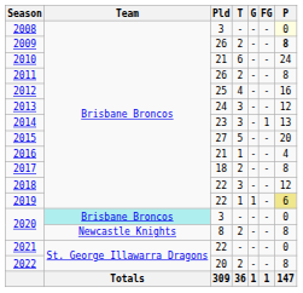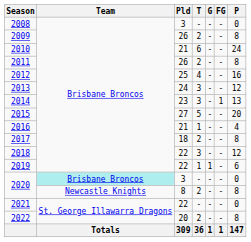 <table class="wikitable" style="border-collapse:collapse;text-align:center">
 <tr>
 <th>Season</th>
 <th>Team</th>
 <th>Pld</th>
 <th>T</th>
 <th>G</th>
 <th>FG</th>
 <th>P</th>
 </tr>
 <tr>
 <td><a href='#'>2008</a></td>
 <td rowspan="12"> <a href='#'>Brisbane Broncos</a></td>
 <td>3</td>
 <td>-</td>
 <td>-</td>
 <td>-</td>
-<td style="background: lightyellow;">0</td>
+<td>0</td>
 </tr>
 <tr>
 <td><a href='#'>2009</a></td>
 <td>26</td>
 <td>2</td>
 <td>-</td>
 <td>-</td>
-<td><strong>8</strong></td>
+<td>8</td>
 </tr>
 <tr>
 <td><a href='#'>2010</a></td>
 <td>21</td>
 <td>6</td>
 <td>-</td>
 <td>-</td>
 <td>24</td>
 </tr>
 <tr>
 <td><a href='#'>2011</a></td>
 <td>26</td>
 <td>2</td>
 <td>-</td>
 <td>-</td>
 <td>8</td>
 </tr>
 <tr>
 <td><a href='#'>2012</a></td>
 <td>25</td>
 <td>4</td>
 <td>-</td>
 <td>-</td>
 <td>16</td>
 </tr>
 <tr>
 <td><a href='#'>2013</a></td>
 <td>24</td>
 <td>3</td>
 <td>-</td>
 <td>-</td>
 <td>12</td>
 </tr>
 <tr>
 <td><a href='#'>2014</a></td>
 <td>23</td>
 <td>3</td>
 <td>-</td>
 <td>1</td>
 <td>13</td>
 </tr>
 <tr>
 <td><a href='#'>2015</a></td>
 <td>27</td>
 <td>5</td>
 <td>-</td>
 <td>-</td>
 <td>20</td>
 </tr>
 <tr>
 <td><a href='#'>2016</a></td>
 <td>21</td>
 <td>1</td>
 <td>-</td>
 <td>-</td>
 <td>4</td>
 </tr>
 <tr>
 <td><a href='#'>2017</a></td>
 <td>18</td>
 <td>2</td>
 <td>-</td>
 <td>-</td>
 <td>8</td>
 </tr>
 <tr>
 <td><a href='#'>2018</a></td>
 <td>22</td>
 <td>3</td>
 <td>-</td>
 <td>-</td>
 <td>12</td>
 </tr>
 <tr>
 <td><a href='#'>2019</a></td>
 <td>22</td>
 <td>1</td>
 <td>1</td>
 <td>-</td>
-<td style="background: khaki;">6</td>
+<td>6</td>
 </tr>
 <tr>
 <td rowspan="2"><a href='#'>2020</a></td>
 <td style="background: paleturquoise;"> <a href='#'>Brisbane Broncos</a></td>
 <td>3</td>
 <td>-</td>
 <td>-</td>
 <td>-</td>
 <td>0</td>
 </tr>
 <tr>
 <td rowspan="1”"> <a href='#'>Newcastle Knights</a></td>
 <td>8</td>
 <td>2</td>
 <td>-</td>
 <td>-</td>
 <td>8</td>
 </tr>
 <tr>
 <td><a href='#'>2021</a></td>
 <td rowspan="2”"> <a href='#'>St. George Illawarra Dragons</a></td>
 <td>22</td>
 <td>-</td>
 <td>-</td>
 <td>-</td>
 <td>0</td>
 </tr>
 <tr>
 <td><a href='#'>2022</a></td>
 <td>20</td>
 <td>2</td>
 <td>-</td>
 <td>-</td>
 <td>8</td>
 </tr>
 <tr>
 <th></th>
 <th>Totals</th>
 <th>309</th>
 <th>36</th>
 <th>1</th>
 <th>1</th>
 <th>147</th>
 </tr>
 </table>
